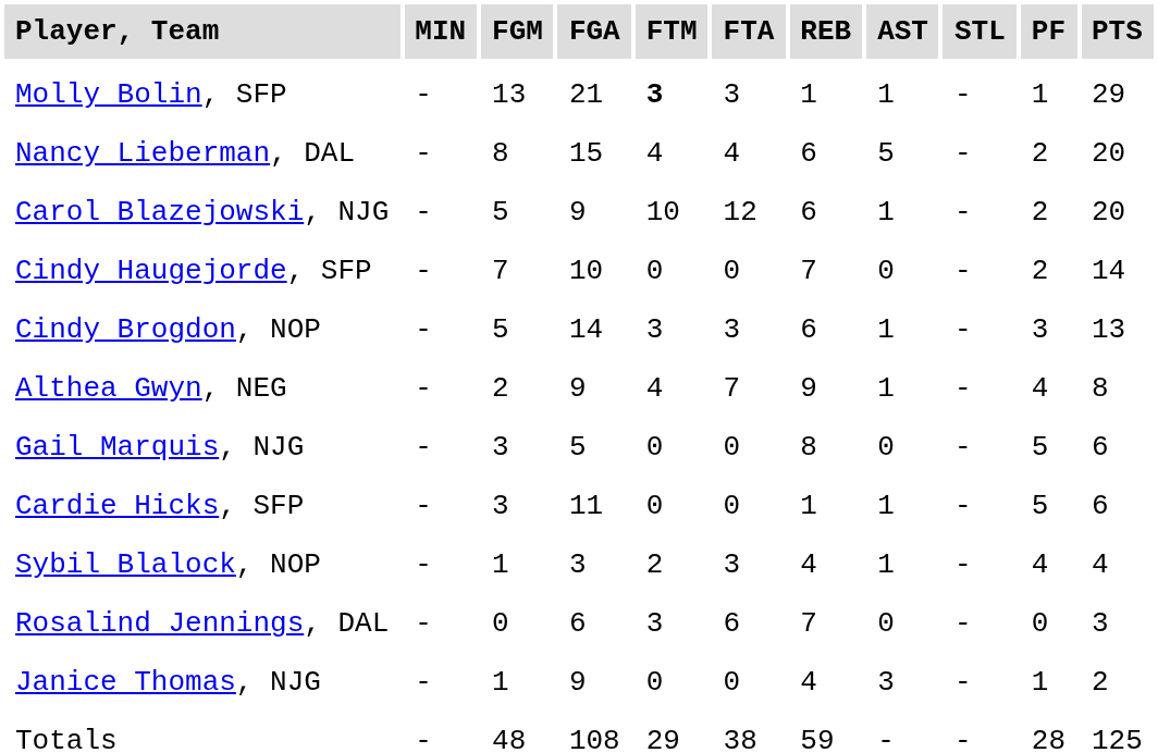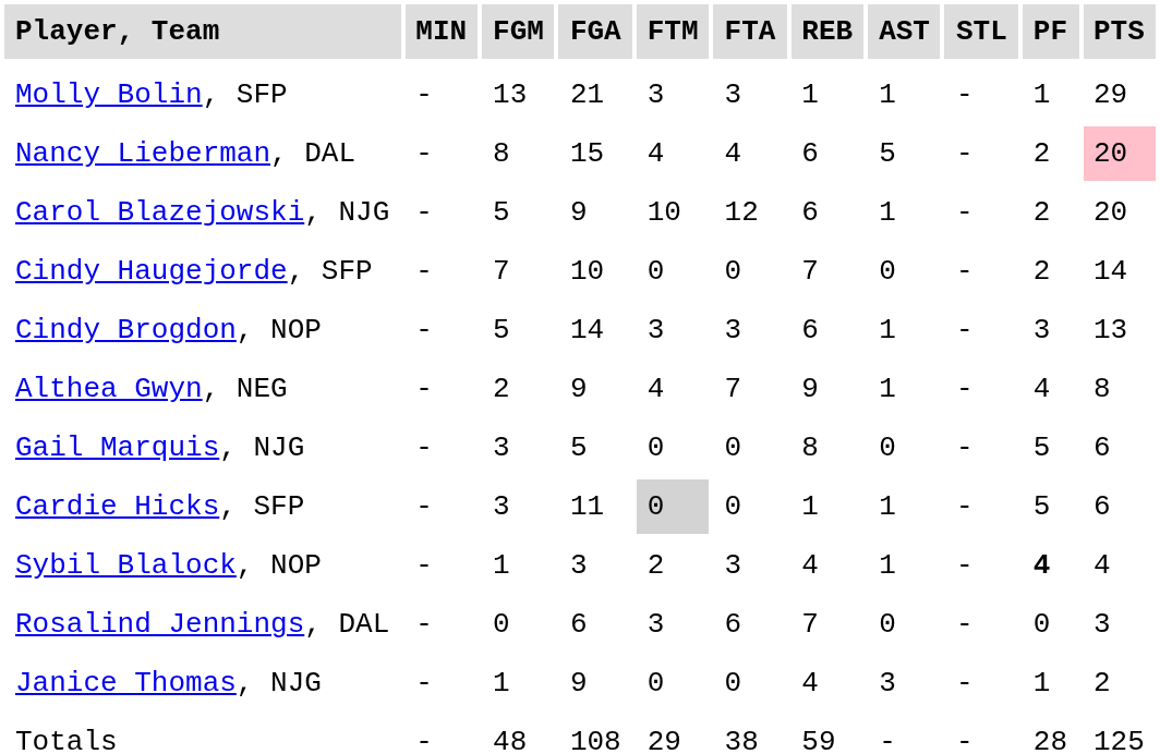 <table cellpadding=5>
 <tr bgcolor="#dddddd">
 <td><strong>Player, Team</strong></td>
 <td><strong>MIN</strong></td>
 <td><strong>FGM</strong></td>
 <td><strong>FGA</strong></td>
 <td><strong>FTM</strong></td>
 <td><strong>FTA</strong></td>
 <td><strong>REB</strong></td>
 <td><strong>AST</strong></td>
 <td><strong>STL</strong></td>
 <td><strong>PF</strong></td>
 <td><strong>PTS</strong></td>
 </tr>
 <tr bgcolor="#eeeeee">
 </tr>
 <tr>
 <td><a href='#'>Molly Bolin</a>, SFP</td>
 <td>-</td>
 <td>13</td>
 <td>21</td>
-<td><strong>3</strong></td>
+<td>3</td>
 <td>3</td>
 <td>1</td>
 <td>1</td>
 <td>-</td>
 <td>1</td>
 <td>29</td>
 </tr>
 <tr>
 <td><a href='#'>Nancy Lieberman</a>, DAL</td>
 <td>-</td>
 <td>8</td>
 <td>15</td>
 <td>4</td>
 <td>4</td>
 <td>6</td>
 <td>5</td>
 <td>-</td>
 <td>2</td>
-<td>20</td>
+<td style="background: pink;">20</td>
 </tr>
 <tr>
 <td><a href='#'>Carol Blazejowski</a>, NJG</td>
 <td>-</td>
 <td>5</td>
 <td>9</td>
 <td>10</td>
 <td>12</td>
 <td>6</td>
 <td>1</td>
 <td>-</td>
 <td>2</td>
 <td>20</td>
 </tr>
 <tr>
 <td><a href='#'>Cindy Haugejorde</a>, SFP</td>
 <td>-</td>
 <td>7</td>
 <td>10</td>
 <td>0</td>
 <td>0</td>
 <td>7</td>
 <td>0</td>
 <td>-</td>
 <td>2</td>
 <td>14</td>
 </tr>
 <tr>
 <td><a href='#'>Cindy Brogdon</a>, NOP</td>
 <td>-</td>
 <td>5</td>
 <td>14</td>
 <td>3</td>
 <td>3</td>
 <td>6</td>
 <td>1</td>
 <td>-</td>
 <td>3</td>
 <td>13</td>
 </tr>
 <tr>
 <td><a href='#'>Althea Gwyn</a>, NEG</td>
 <td>-</td>
 <td>2</td>
 <td>9</td>
 <td>4</td>
 <td>7</td>
 <td>9</td>
 <td>1</td>
 <td>-</td>
 <td>4</td>
 <td>8</td>
 </tr>
 <tr>
 <td><a href='#'>Gail Marquis</a>, NJG</td>
 <td>-</td>
 <td>3</td>
 <td>5</td>
 <td>0</td>
 <td>0</td>
 <td>8</td>
 <td>0</td>
 <td>-</td>
 <td>5</td>
 <td>6</td>
 </tr>
 <tr>
 <td><a href='#'>Cardie Hicks</a>, SFP</td>
 <td>-</td>
 <td>3</td>
 <td>11</td>
-<td>0</td>
+<td style="background: lightgrey;">0</td>
 <td>0</td>
 <td>1</td>
 <td>1</td>
 <td>-</td>
 <td>5</td>
 <td>6</td>
 </tr>
 <tr>
 <td><a href='#'>Sybil Blalock</a>, NOP</td>
 <td>-</td>
 <td>1</td>
 <td>3</td>
 <td>2</td>
 <td>3</td>
 <td>4</td>
 <td>1</td>
 <td>-</td>
-<td>4</td>
+<td><strong>4</strong></td>
 <td>4</td>
 </tr>
 <tr>
 <td><a href='#'>Rosalind Jennings</a>, DAL</td>
 <td>-</td>
 <td>0</td>
 <td>6</td>
 <td>3</td>
 <td>6</td>
 <td>7</td>
 <td>0</td>
 <td>-</td>
 <td>0</td>
 <td>3</td>
 </tr>
 <tr>
 <td><a href='#'>Janice Thomas</a>, NJG</td>
 <td>-</td>
 <td>1</td>
 <td>9</td>
 <td>0</td>
 <td>0</td>
 <td>4</td>
 <td>3</td>
 <td>-</td>
 <td>1</td>
 <td>2</td>
 </tr>
 <tr>
 <td>Totals</td>
 <td>-</td>
 <td>48</td>
 <td>108</td>
 <td>29</td>
 <td>38</td>
 <td>59</td>
 <td>-</td>
 <td>-</td>
 <td>28</td>
 <td>125</td>
 </tr>
 <tr>
 </tr>
 </table>
